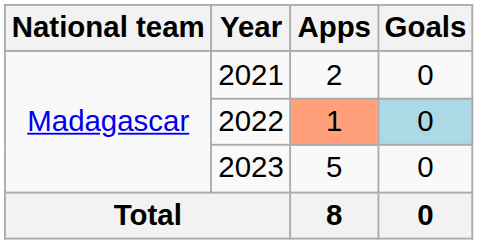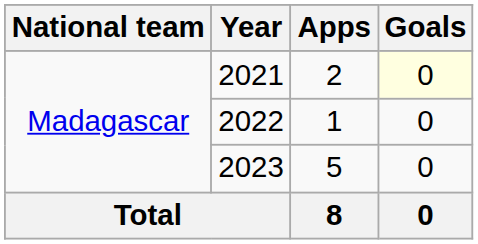 <table class="wikitable" style="text-align:center">
 <tr>
 <th>National team</th>
 <th>Year</th>
 <th>Apps</th>
 <th>Goals</th>
 </tr>
 <tr>
 <td rowspan="3"><a href='#'>Madagascar</a></td>
 <td>2021</td>
 <td>2</td>
-<td>0</td>
+<td style="background: lightyellow;">0</td>
 </tr>
 <tr>
 <td>2022</td>
-<td style="background: lightsalmon;">1</td>
-<td style="background: lightblue;">0</td>
+<td>1</td>
+<td>0</td>
 </tr>
 <tr>
 <td>2023</td>
 <td>5</td>
 <td>0</td>
 </tr>
 <tr>
 <th colspan="2">Total</th>
 <th>8</th>
 <th>0</th>
 </tr>
 </table>
